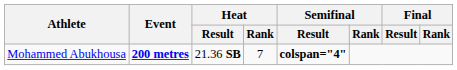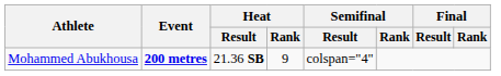 <table class="wikitable" style="font-size:90%">
 <tr>
 <th rowspan="2">Athlete</th>
 <th rowspan="2">Event</th>
 <th colspan="2">Heat</th>
 <th colspan="2">Semifinal</th>
 <th colspan="2">Final</th>
 </tr>
 <tr style="font-size:95%">
 <th>Result</th>
 <th>Rank</th>
 <th>Result</th>
 <th>Rank</th>
 <th>Result</th>
 <th>Rank</th>
 </tr>
 <tr style=text-align:center>
 <td style=text-align:left><a href='#'>Mohammed Abukhousa</a></td>
 <td style=text-align:left><strong><a href='#'>200 metres</a></strong></td>
 <td>21.36 <strong>SB</strong></td>
-<td>7</td>
-<td><strong>colspan="4" </strong></td>
+<td>9</td>
+<td>colspan="4" </td>
 </tr>
 </table>
